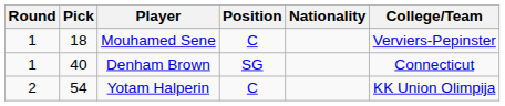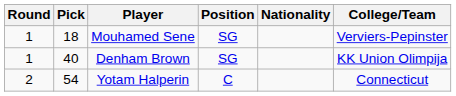 <table class="wikitable sortable sortable">
 <tr>
 <th>Round</th>
 <th>Pick</th>
 <th>Player</th>
 <th>Position</th>
 <th>Nationality</th>
 <th>College/Team</th>
 </tr>
 <tr style="text-align: center">
 <td>1</td>
 <td>18</td>
 <td><a href='#'>Mouhamed Sene</a></td>
-<td><a href='#'>C</a></td>
+<td><a href='#'>SG</a></td>
 <td></td>
 <td><a href='#'>Verviers-Pepinster</a></td>
 </tr>
 <tr style="text-align: center">
 <td>1</td>
 <td>40</td>
 <td><a href='#'>Denham Brown</a></td>
 <td><a href='#'>SG</a></td>
 <td></td>
-<td><a href='#'>Connecticut</a></td>
+<td><a href='#'>KK Union Olimpija</a></td>
 </tr>
 <tr style="text-align: center">
 <td>2</td>
 <td>54</td>
 <td><a href='#'>Yotam Halperin</a></td>
 <td><a href='#'>C</a></td>
 <td></td>
-<td><a href='#'>KK Union Olimpija</a></td>
+<td><a href='#'>Connecticut</a></td>
 </tr>
 </table>
